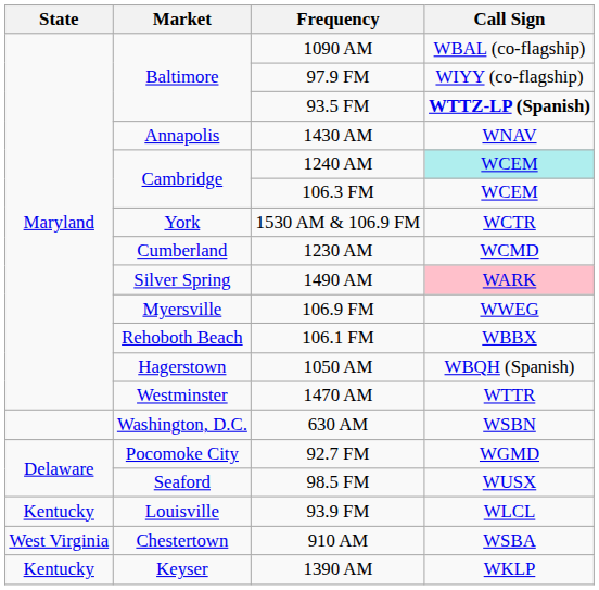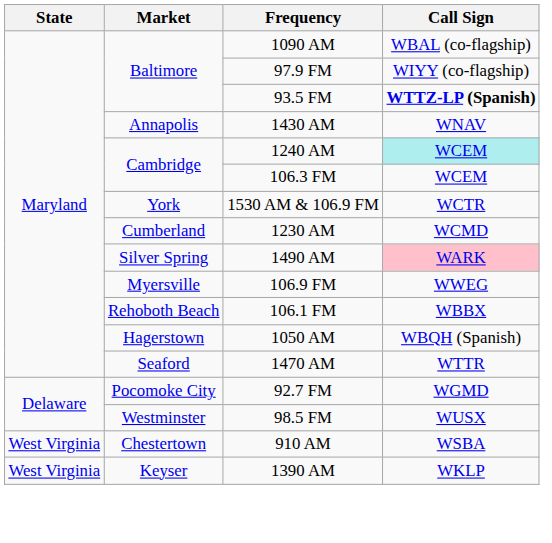 <table class="wikitable"  style="text-align: center;">
 <tr>
 <th>State</th>
 <th>Market</th>
 <th>Frequency</th>
 <th>Call Sign</th>
 </tr>
 <tr>
 <td rowspan=13><a href='#'>Maryland</a></td>
 <td rowspan=3><a href='#'>Baltimore</a></td>
 <td>1090 AM</td>
 <td><a href='#'>WBAL</a> (co-flagship)</td>
 </tr>
 <tr>
 <td>97.9 FM</td>
 <td><a href='#'>WIYY</a> (co-flagship)</td>
 </tr>
 <tr>
 <td>93.5 FM</td>
 <td><strong><a href='#'>WTTZ-LP</a> (Spanish)</strong></td>
 </tr>
 <tr>
 <td><a href='#'>Annapolis</a></td>
 <td>1430 AM</td>
 <td><a href='#'>WNAV</a></td>
 </tr>
 <tr>
 <td rowspan=2><a href='#'>Cambridge</a></td>
 <td>1240 AM</td>
 <td style="background: paleturquoise;"><a href='#'>WCEM</a></td>
 </tr>
 <tr>
 <td>106.3 FM</td>
 <td><a href='#'>WCEM</a></td>
 </tr>
 <tr>
 <td><a href='#'>York</a></td>
 <td>1530 AM & 106.9 FM</td>
 <td><a href='#'>WCTR</a></td>
 </tr>
 <tr>
 <td><a href='#'>Cumberland</a></td>
 <td>1230 AM</td>
 <td><a href='#'>WCMD</a></td>
 </tr>
 <tr>
 <td><a href='#'>Silver Spring</a></td>
 <td>1490 AM</td>
 <td style="background: pink;"><a href='#'>WARK</a></td>
 </tr>
 <tr>
 <td><a href='#'>Myersville</a></td>
 <td>106.9 FM</td>
 <td><a href='#'>WWEG</a></td>
 </tr>
 <tr>
 <td><a href='#'>Rehoboth Beach</a></td>
 <td>106.1 FM</td>
 <td><a href='#'>WBBX</a></td>
 </tr>
 <tr>
 <td><a href='#'>Hagerstown</a></td>
 <td>1050 AM</td>
 <td><a href='#'>WBQH</a> (Spanish)</td>
 </tr>
 <tr>
-<td><a href='#'>Westminster</a></td>
+<td><a href='#'>Seaford</a></td>
 <td>1470 AM</td>
 <td><a href='#'>WTTR</a></td>
-</tr>
-<tr>
-<td></td>
-<td><a href='#'>Washington, D.C.</a></td>
-<td>630 AM</td>
-<td><a href='#'>WSBN</a></td>
 </tr>
 <tr>
 <td rowspan=2><a href='#'>Delaware</a></td>
 <td><a href='#'>Pocomoke City</a></td>
 <td>92.7 FM</td>
 <td><a href='#'>WGMD</a></td>
 </tr>
 <tr>
-<td><a href='#'>Seaford</a></td>
+<td><a href='#'>Westminster</a></td>
 <td>98.5 FM</td>
 <td><a href='#'>WUSX</a></td>
-</tr>
-<tr>
-<td><a href='#'>Kentucky</a></td>
-<td><a href='#'>Louisville</a></td>
-<td>93.9 FM</td>
-<td><a href='#'>WLCL</a></td>
 </tr>
 <tr>
 <td><a href='#'>West Virginia</a></td>
 <td><a href='#'>Chestertown</a></td>
 <td>910 AM</td>
 <td><a href='#'>WSBA</a></td>
 </tr>
 <tr>
-<td><a href='#'>Kentucky</a></td>
+<td><a href='#'>West Virginia</a></td>
 <td><a href='#'>Keyser</a></td>
 <td>1390 AM</td>
 <td><a href='#'>WKLP</a></td>
 </tr>
 </table>
